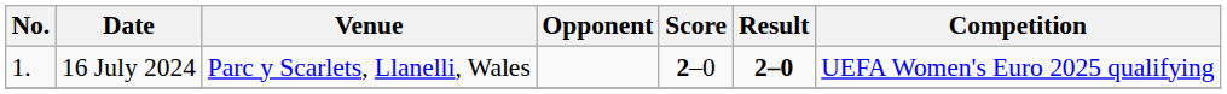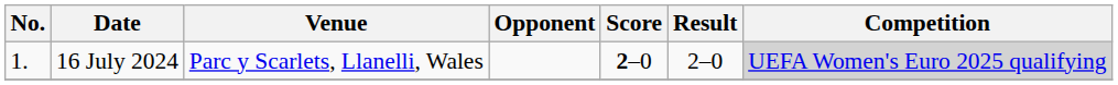 <table class="wikitable">
 <tr>
 <th>No.</th>
 <th>Date</th>
 <th>Venue</th>
 <th>Opponent</th>
 <th>Score</th>
 <th>Result</th>
 <th>Competition</th>
 </tr>
 <tr>
 <td>1.</td>
 <td>16 July 2024</td>
 <td><a href='#'>Parc y Scarlets</a>, <a href='#'>Llanelli</a>, Wales</td>
 <td></td>
 <td align=center><strong>2</strong>–0</td>
-<td align=center><strong>2–0</strong></td>
-<td><a href='#'>UEFA Women's Euro 2025 qualifying</a></td>
+<td align=center>2–0</td>
+<td style="background: lightgrey;"><a href='#'>UEFA Women's Euro 2025 qualifying</a></td>
 </tr>
 <tr>
 </tr>
 </table>
